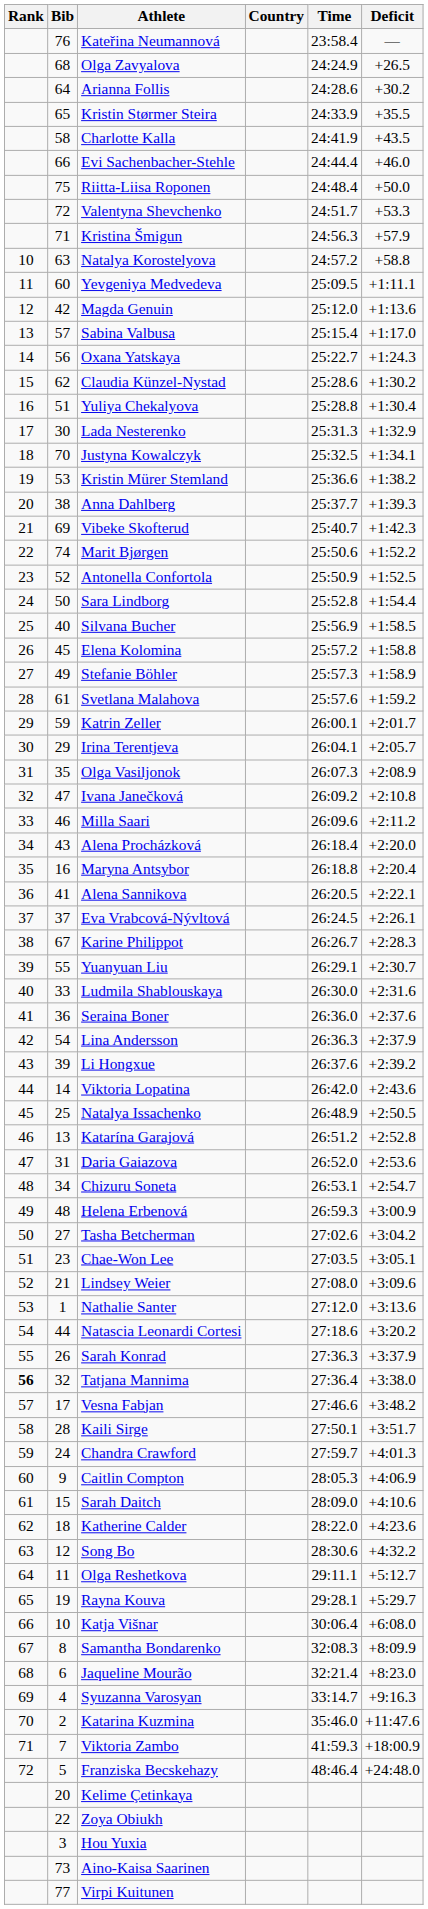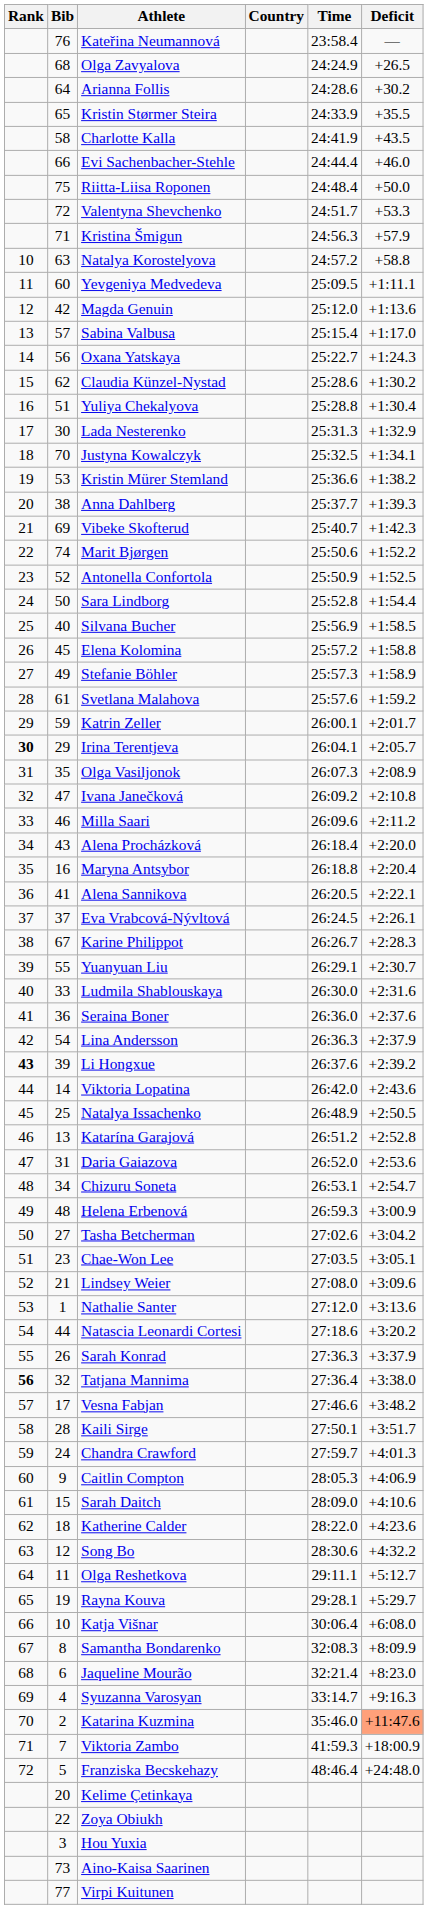 <table class="wikitable sortable" style="text-align:center">
 <tr>
 <th>Rank</th>
 <th>Bib</th>
 <th>Athlete</th>
 <th>Country</th>
 <th>Time</th>
 <th>Deficit</th>
 </tr>
 <tr>
 <td></td>
 <td>76</td>
 <td align=left><a href='#'>Kateřina Neumannová</a></td>
 <td align=left></td>
 <td>23:58.4</td>
 <td>—</td>
 </tr>
 <tr>
 <td></td>
 <td>68</td>
 <td align=left><a href='#'>Olga Zavyalova</a></td>
 <td align=left></td>
 <td>24:24.9</td>
 <td>+26.5</td>
 </tr>
 <tr>
 <td></td>
 <td>64</td>
 <td align=left><a href='#'>Arianna Follis</a></td>
 <td align=left></td>
 <td>24:28.6</td>
 <td>+30.2</td>
 </tr>
 <tr>
 <td></td>
 <td>65</td>
 <td align=left><a href='#'>Kristin Størmer Steira</a></td>
 <td align=left></td>
 <td>24:33.9</td>
 <td>+35.5</td>
 </tr>
 <tr>
 <td></td>
 <td>58</td>
 <td align=left><a href='#'>Charlotte Kalla</a></td>
 <td align=left></td>
 <td>24:41.9</td>
 <td>+43.5</td>
 </tr>
 <tr>
 <td></td>
 <td>66</td>
 <td align=left><a href='#'>Evi Sachenbacher-Stehle</a></td>
 <td align=left></td>
 <td>24:44.4</td>
 <td>+46.0</td>
 </tr>
 <tr>
 <td></td>
 <td>75</td>
 <td align=left><a href='#'>Riitta-Liisa Roponen</a></td>
 <td align=left></td>
 <td>24:48.4</td>
 <td>+50.0</td>
 </tr>
 <tr>
 <td></td>
 <td>72</td>
 <td align=left><a href='#'>Valentyna Shevchenko</a></td>
 <td align=left></td>
 <td>24:51.7</td>
 <td>+53.3</td>
 </tr>
 <tr>
 <td></td>
 <td>71</td>
 <td align=left><a href='#'>Kristina Šmigun</a></td>
 <td align=left></td>
 <td>24:56.3</td>
 <td>+57.9</td>
 </tr>
 <tr>
 <td>10</td>
 <td>63</td>
 <td align=left><a href='#'>Natalya Korostelyova</a></td>
 <td align=left></td>
 <td>24:57.2</td>
 <td>+58.8</td>
 </tr>
 <tr>
 <td>11</td>
 <td>60</td>
 <td align=left><a href='#'>Yevgeniya Medvedeva</a></td>
 <td align=left></td>
 <td>25:09.5</td>
 <td>+1:11.1</td>
 </tr>
 <tr>
 <td>12</td>
 <td>42</td>
 <td align=left><a href='#'>Magda Genuin</a></td>
 <td align=left></td>
 <td>25:12.0</td>
 <td>+1:13.6</td>
 </tr>
 <tr>
 <td>13</td>
 <td>57</td>
 <td align=left><a href='#'>Sabina Valbusa</a></td>
 <td align=left></td>
 <td>25:15.4</td>
 <td>+1:17.0</td>
 </tr>
 <tr>
 <td>14</td>
 <td>56</td>
 <td align=left><a href='#'>Oxana Yatskaya</a></td>
 <td align=left></td>
 <td>25:22.7</td>
 <td>+1:24.3</td>
 </tr>
 <tr>
 <td>15</td>
 <td>62</td>
 <td align=left><a href='#'>Claudia Künzel-Nystad</a></td>
 <td align=left></td>
 <td>25:28.6</td>
 <td>+1:30.2</td>
 </tr>
 <tr>
 <td>16</td>
 <td>51</td>
 <td align=left><a href='#'>Yuliya Chekalyova</a></td>
 <td align=left></td>
 <td>25:28.8</td>
 <td>+1:30.4</td>
 </tr>
 <tr>
 <td>17</td>
 <td>30</td>
 <td align=left><a href='#'>Lada Nesterenko</a></td>
 <td align=left></td>
 <td>25:31.3</td>
 <td>+1:32.9</td>
 </tr>
 <tr>
 <td>18</td>
 <td>70</td>
 <td align=left><a href='#'>Justyna Kowalczyk</a></td>
 <td align=left></td>
 <td>25:32.5</td>
 <td>+1:34.1</td>
 </tr>
 <tr>
 <td>19</td>
 <td>53</td>
 <td align=left><a href='#'>Kristin Mürer Stemland</a></td>
 <td align=left></td>
 <td>25:36.6</td>
 <td>+1:38.2</td>
 </tr>
 <tr>
 <td>20</td>
 <td>38</td>
 <td align=left><a href='#'>Anna Dahlberg</a></td>
 <td align=left></td>
 <td>25:37.7</td>
 <td>+1:39.3</td>
 </tr>
 <tr>
 <td>21</td>
 <td>69</td>
 <td align=left><a href='#'>Vibeke Skofterud</a></td>
 <td align=left></td>
 <td>25:40.7</td>
 <td>+1:42.3</td>
 </tr>
 <tr>
 <td>22</td>
 <td>74</td>
 <td align=left><a href='#'>Marit Bjørgen</a></td>
 <td align=left></td>
 <td>25:50.6</td>
 <td>+1:52.2</td>
 </tr>
 <tr>
 <td>23</td>
 <td>52</td>
 <td align=left><a href='#'>Antonella Confortola</a></td>
 <td align=left></td>
 <td>25:50.9</td>
 <td>+1:52.5</td>
 </tr>
 <tr>
 <td>24</td>
 <td>50</td>
 <td align=left><a href='#'>Sara Lindborg</a></td>
 <td align=left></td>
 <td>25:52.8</td>
 <td>+1:54.4</td>
 </tr>
 <tr>
 <td>25</td>
 <td>40</td>
 <td align=left><a href='#'>Silvana Bucher</a></td>
 <td align=left></td>
 <td>25:56.9</td>
 <td>+1:58.5</td>
 </tr>
 <tr>
 <td>26</td>
 <td>45</td>
 <td align=left><a href='#'>Elena Kolomina</a></td>
 <td align=left></td>
 <td>25:57.2</td>
 <td>+1:58.8</td>
 </tr>
 <tr>
 <td>27</td>
 <td>49</td>
 <td align=left><a href='#'>Stefanie Böhler</a></td>
 <td align=left></td>
 <td>25:57.3</td>
 <td>+1:58.9</td>
 </tr>
 <tr>
 <td>28</td>
 <td>61</td>
 <td align=left><a href='#'>Svetlana Malahova</a></td>
 <td align=left></td>
 <td>25:57.6</td>
 <td>+1:59.2</td>
 </tr>
 <tr>
 <td>29</td>
 <td>59</td>
 <td align=left><a href='#'>Katrin Zeller</a></td>
 <td align=left></td>
 <td>26:00.1</td>
 <td>+2:01.7</td>
 </tr>
 <tr>
-<td>30</td>
+<td><strong>30</strong></td>
 <td>29</td>
 <td align=left><a href='#'>Irina Terentjeva</a></td>
 <td align=left></td>
 <td>26:04.1</td>
 <td>+2:05.7</td>
 </tr>
 <tr>
 <td>31</td>
 <td>35</td>
 <td align=left><a href='#'>Olga Vasiljonok</a></td>
 <td align=left></td>
 <td>26:07.3</td>
 <td>+2:08.9</td>
 </tr>
 <tr>
 <td>32</td>
 <td>47</td>
 <td align=left><a href='#'>Ivana Janečková</a></td>
 <td align=left></td>
 <td>26:09.2</td>
 <td>+2:10.8</td>
 </tr>
 <tr>
 <td>33</td>
 <td>46</td>
 <td align=left><a href='#'>Milla Saari</a></td>
 <td align=left></td>
 <td>26:09.6</td>
 <td>+2:11.2</td>
 </tr>
 <tr>
 <td>34</td>
 <td>43</td>
 <td align=left><a href='#'>Alena Procházková</a></td>
 <td align=left></td>
 <td>26:18.4</td>
 <td>+2:20.0</td>
 </tr>
 <tr>
 <td>35</td>
 <td>16</td>
 <td align=left><a href='#'>Maryna Antsybor</a></td>
 <td align=left></td>
 <td>26:18.8</td>
 <td>+2:20.4</td>
 </tr>
 <tr>
 <td>36</td>
 <td>41</td>
 <td align=left><a href='#'>Alena Sannikova</a></td>
 <td align=left></td>
 <td>26:20.5</td>
 <td>+2:22.1</td>
 </tr>
 <tr>
 <td>37</td>
 <td>37</td>
 <td align=left><a href='#'>Eva Vrabcová-Nývltová</a></td>
 <td align=left></td>
 <td>26:24.5</td>
 <td>+2:26.1</td>
 </tr>
 <tr>
 <td>38</td>
 <td>67</td>
 <td align=left><a href='#'>Karine Philippot</a></td>
 <td align=left></td>
 <td>26:26.7</td>
 <td>+2:28.3</td>
 </tr>
 <tr>
 <td>39</td>
 <td>55</td>
 <td align=left><a href='#'>Yuanyuan Liu</a></td>
 <td align=left></td>
 <td>26:29.1</td>
 <td>+2:30.7</td>
 </tr>
 <tr>
 <td>40</td>
 <td>33</td>
 <td align=left><a href='#'>Ludmila Shablouskaya</a></td>
 <td align=left></td>
 <td>26:30.0</td>
 <td>+2:31.6</td>
 </tr>
 <tr>
 <td>41</td>
 <td>36</td>
 <td align=left><a href='#'>Seraina Boner</a></td>
 <td align=left></td>
 <td>26:36.0</td>
 <td>+2:37.6</td>
 </tr>
 <tr>
 <td>42</td>
 <td>54</td>
 <td align=left><a href='#'>Lina Andersson</a></td>
 <td align=left></td>
 <td>26:36.3</td>
 <td>+2:37.9</td>
 </tr>
 <tr>
-<td>43</td>
+<td><strong>43</strong></td>
 <td>39</td>
 <td align=left><a href='#'>Li Hongxue</a></td>
 <td align=left></td>
 <td>26:37.6</td>
 <td>+2:39.2</td>
 </tr>
 <tr>
 <td>44</td>
 <td>14</td>
 <td align=left><a href='#'>Viktoria Lopatina</a></td>
 <td align=left></td>
 <td>26:42.0</td>
 <td>+2:43.6</td>
 </tr>
 <tr>
 <td>45</td>
 <td>25</td>
 <td align=left><a href='#'>Natalya Issachenko</a></td>
 <td align=left></td>
 <td>26:48.9</td>
 <td>+2:50.5</td>
 </tr>
 <tr>
 <td>46</td>
 <td>13</td>
 <td align=left><a href='#'>Katarína Garajová</a></td>
 <td align=left></td>
 <td>26:51.2</td>
 <td>+2:52.8</td>
 </tr>
 <tr>
 <td>47</td>
 <td>31</td>
 <td align=left><a href='#'>Daria Gaiazova</a></td>
 <td align=left></td>
 <td>26:52.0</td>
 <td>+2:53.6</td>
 </tr>
 <tr>
 <td>48</td>
 <td>34</td>
 <td align=left><a href='#'>Chizuru Soneta</a></td>
 <td align=left></td>
 <td>26:53.1</td>
 <td>+2:54.7</td>
 </tr>
 <tr>
 <td>49</td>
 <td>48</td>
 <td align=left><a href='#'>Helena Erbenová</a></td>
 <td align=left></td>
 <td>26:59.3</td>
 <td>+3:00.9</td>
 </tr>
 <tr>
 <td>50</td>
 <td>27</td>
 <td align=left><a href='#'>Tasha Betcherman</a></td>
 <td align=left></td>
 <td>27:02.6</td>
 <td>+3:04.2</td>
 </tr>
 <tr>
 <td>51</td>
 <td>23</td>
 <td align=left><a href='#'>Chae-Won Lee</a></td>
 <td align=left></td>
 <td>27:03.5</td>
 <td>+3:05.1</td>
 </tr>
 <tr>
 <td>52</td>
 <td>21</td>
 <td align=left><a href='#'>Lindsey Weier</a></td>
 <td align=left></td>
 <td>27:08.0</td>
 <td>+3:09.6</td>
 </tr>
 <tr>
 <td>53</td>
 <td>1</td>
 <td align=left><a href='#'>Nathalie Santer</a></td>
 <td align=left></td>
 <td>27:12.0</td>
 <td>+3:13.6</td>
 </tr>
 <tr>
 <td>54</td>
 <td>44</td>
 <td align=left><a href='#'>Natascia Leonardi Cortesi</a></td>
 <td align=left></td>
 <td>27:18.6</td>
 <td>+3:20.2</td>
 </tr>
 <tr>
 <td>55</td>
 <td>26</td>
 <td align=left><a href='#'>Sarah Konrad</a></td>
 <td align=left></td>
 <td>27:36.3</td>
 <td>+3:37.9</td>
 </tr>
 <tr>
 <td><strong>56</strong></td>
 <td>32</td>
 <td align=left><a href='#'>Tatjana Mannima</a></td>
 <td align=left></td>
 <td>27:36.4</td>
 <td>+3:38.0</td>
 </tr>
 <tr>
 <td>57</td>
 <td>17</td>
 <td align=left><a href='#'>Vesna Fabjan</a></td>
 <td align=left></td>
 <td>27:46.6</td>
 <td>+3:48.2</td>
 </tr>
 <tr>
 <td>58</td>
 <td>28</td>
 <td align=left><a href='#'>Kaili Sirge</a></td>
 <td align=left></td>
 <td>27:50.1</td>
 <td>+3:51.7</td>
 </tr>
 <tr>
 <td>59</td>
 <td>24</td>
 <td align=left><a href='#'>Chandra Crawford</a></td>
 <td align=left></td>
 <td>27:59.7</td>
 <td>+4:01.3</td>
 </tr>
 <tr>
 <td>60</td>
 <td>9</td>
 <td align=left><a href='#'>Caitlin Compton</a></td>
 <td align=left></td>
 <td>28:05.3</td>
 <td>+4:06.9</td>
 </tr>
 <tr>
 <td>61</td>
 <td>15</td>
 <td align=left><a href='#'>Sarah Daitch</a></td>
 <td align=left></td>
 <td>28:09.0</td>
 <td>+4:10.6</td>
 </tr>
 <tr>
 <td>62</td>
 <td>18</td>
 <td align=left><a href='#'>Katherine Calder</a></td>
 <td align=left></td>
 <td>28:22.0</td>
 <td>+4:23.6</td>
 </tr>
 <tr>
 <td>63</td>
 <td>12</td>
 <td align=left><a href='#'>Song Bo</a></td>
 <td align=left></td>
 <td>28:30.6</td>
 <td>+4:32.2</td>
 </tr>
 <tr>
 <td>64</td>
 <td>11</td>
 <td align=left><a href='#'>Olga Reshetkova</a></td>
 <td align=left></td>
 <td>29:11.1</td>
 <td>+5:12.7</td>
 </tr>
 <tr>
 <td>65</td>
 <td>19</td>
 <td align=left><a href='#'>Rayna Kouva</a></td>
 <td align=left></td>
 <td>29:28.1</td>
 <td>+5:29.7</td>
 </tr>
 <tr>
 <td>66</td>
 <td>10</td>
 <td align=left><a href='#'>Katja Višnar</a></td>
 <td align=left></td>
 <td>30:06.4</td>
 <td>+6:08.0</td>
 </tr>
 <tr>
 <td>67</td>
 <td>8</td>
 <td align=left><a href='#'>Samantha Bondarenko</a></td>
 <td align=left></td>
 <td>32:08.3</td>
 <td>+8:09.9</td>
 </tr>
 <tr>
 <td>68</td>
 <td>6</td>
 <td align=left><a href='#'>Jaqueline Mourão</a></td>
 <td align=left></td>
 <td>32:21.4</td>
 <td>+8:23.0</td>
 </tr>
 <tr>
 <td>69</td>
 <td>4</td>
 <td align=left><a href='#'>Syuzanna Varosyan</a></td>
 <td align=left></td>
 <td>33:14.7</td>
 <td>+9:16.3</td>
 </tr>
 <tr>
 <td>70</td>
 <td>2</td>
 <td align=left><a href='#'>Katarina Kuzmina</a></td>
 <td align=left></td>
 <td>35:46.0</td>
-<td>+11:47.6</td>
+<td style="background: lightsalmon;">+11:47.6</td>
 </tr>
 <tr>
 <td>71</td>
 <td>7</td>
 <td align=left><a href='#'>Viktoria Zambo</a></td>
 <td align=left></td>
 <td>41:59.3</td>
 <td>+18:00.9</td>
 </tr>
 <tr>
 <td>72</td>
 <td>5</td>
 <td align=left><a href='#'>Franziska Becskehazy</a></td>
 <td align=left></td>
 <td>48:46.4</td>
 <td>+24:48.0</td>
 </tr>
 <tr>
 <td></td>
 <td>20</td>
 <td align=left><a href='#'>Kelime Çetinkaya</a></td>
 <td align=left></td>
 <td></td>
 <td></td>
 </tr>
 <tr>
 <td></td>
 <td>22</td>
 <td align=left><a href='#'>Zoya Obiukh</a></td>
 <td align=left></td>
 <td></td>
 <td></td>
 </tr>
 <tr>
 <td></td>
 <td>3</td>
 <td align=left><a href='#'>Hou Yuxia</a></td>
 <td align=left></td>
 <td></td>
 <td></td>
 </tr>
 <tr>
 <td></td>
 <td>73</td>
 <td align=left><a href='#'>Aino-Kaisa Saarinen</a></td>
 <td align=left></td>
 <td></td>
 <td></td>
 </tr>
 <tr>
 <td></td>
 <td>77</td>
 <td align=left><a href='#'>Virpi Kuitunen</a></td>
 <td align=left></td>
 <td></td>
 <td></td>
 </tr>
 </table>
